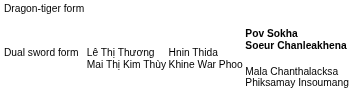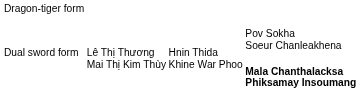 <table>
 <tr>
 <td rowspan=2>Dragon-tiger form</td>
 <td rowspan=2></td>
 <td rowspan=2></td>
 <td></td>
 </tr>
 <tr>
 <td></td>
 </tr>
 <tr>
 <td rowspan=2>Dual sword form</td>
 <td rowspan=2><br>Lê Thị Thương<br>Mai Thị Kim Thùy</td>
 <td rowspan=2><br>Hnin Thida<br>Khine War Phoo</td>
-<td><strong><br>Pov Sokha<br>Soeur Chanleakhena</strong></td>
+<td><br>Pov Sokha<br>Soeur Chanleakhena</td>
 </tr>
 <tr>
-<td><br>Mala Chanthalacksa<br>Phiksamay Insoumang</td>
+<td><strong><br>Mala Chanthalacksa<br>Phiksamay Insoumang</strong></td>
 </tr>
 </table>
